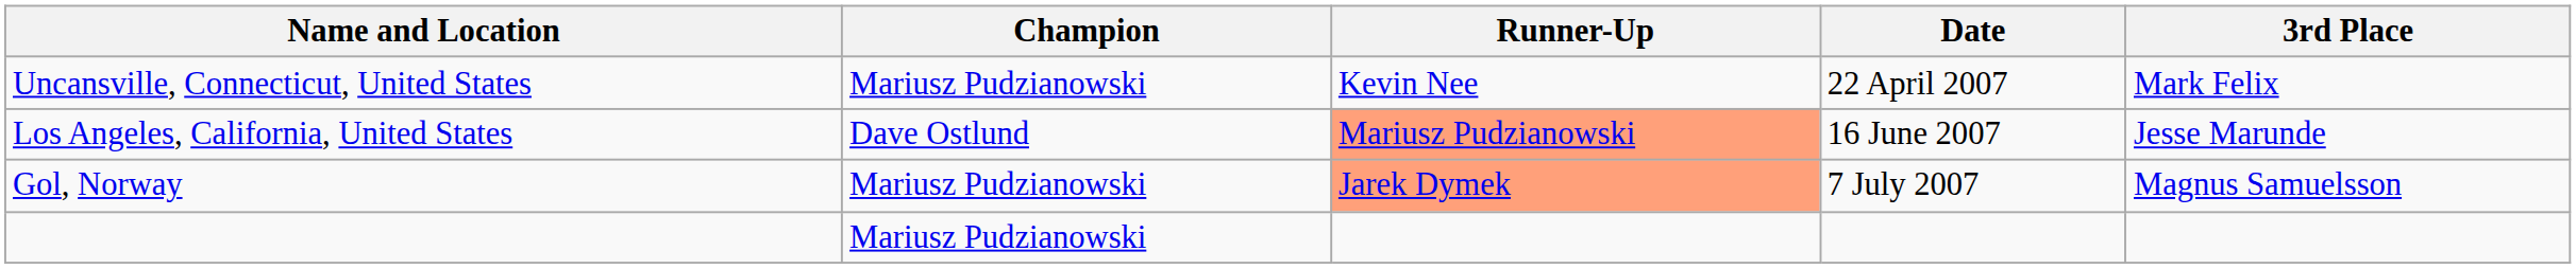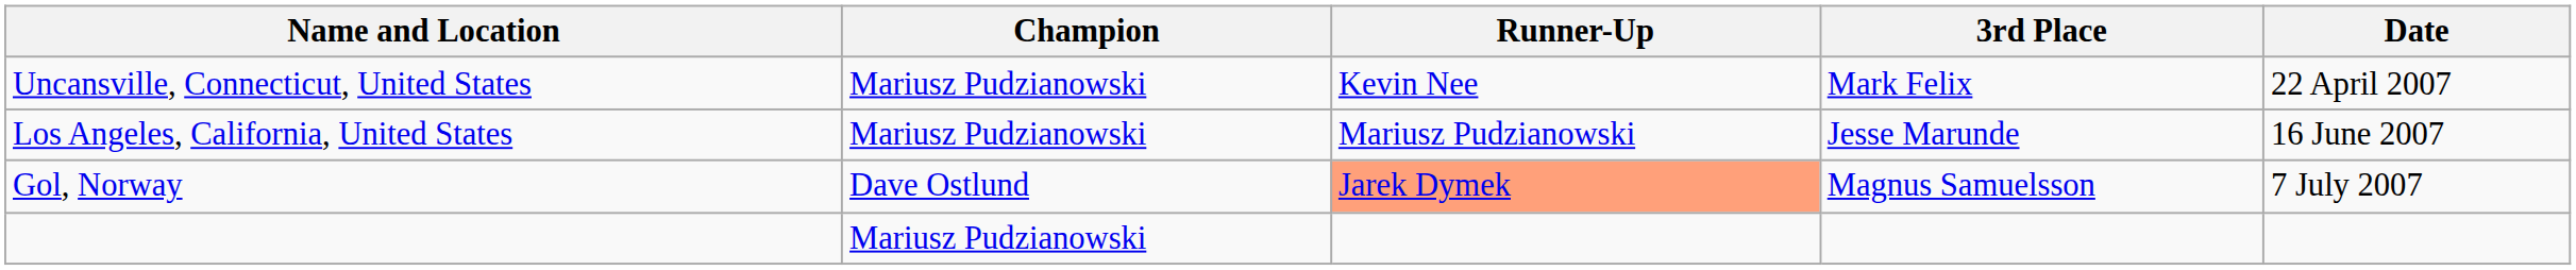 <table class="wikitable" style="display: inline-table;width: 100%;">
 <tr>
 <th>Name and Location</th>
 <th>Champion</th>
 <th>Runner-Up</th>
+<th>3rd Place</th>
 <th>Date</th>
-<th>3rd Place</th>
 </tr>
 <tr>
 <td> <a href='#'>Uncansville</a>, <a href='#'>Connecticut</a>, <a href='#'>United States</a> <br> </td>
 <td> <a href='#'>Mariusz Pudzianowski</a></td>
 <td> <a href='#'>Kevin Nee</a></td>
+<td> <a href='#'>Mark Felix</a></td>
 <td>22 April 2007</td>
-<td> <a href='#'>Mark Felix</a></td>
 </tr>
 <tr>
 <td> <a href='#'>Los Angeles</a>, <a href='#'>California</a>, <a href='#'>United States</a> <br> </td>
-<td> <a href='#'>Dave Ostlund</a></td>
-<td style="background: lightsalmon;"> <a href='#'>Mariusz Pudzianowski</a></td>
+<td> <a href='#'>Mariusz Pudzianowski</a></td>
+<td> <a href='#'>Mariusz Pudzianowski</a></td>
+<td> <a href='#'>Jesse Marunde</a></td>
 <td>16 June 2007</td>
-<td> <a href='#'>Jesse Marunde</a></td>
 </tr>
 <tr>
 <td> <a href='#'>Gol</a>, <a href='#'>Norway</a> <br> </td>
-<td> <a href='#'>Mariusz Pudzianowski</a></td>
+<td> <a href='#'>Dave Ostlund</a></td>
 <td style="background: lightsalmon;"> <a href='#'>Jarek Dymek</a></td>
+<td> <a href='#'>Magnus Samuelsson</a></td>
 <td>7 July 2007</td>
-<td> <a href='#'>Magnus Samuelsson</a></td>
 </tr>
 <tr>
 <td></td>
 <td> <a href='#'>Mariusz Pudzianowski</a></td>
 <td></td>
 <td></td>
 <td></td>
 </tr>
 </table>
